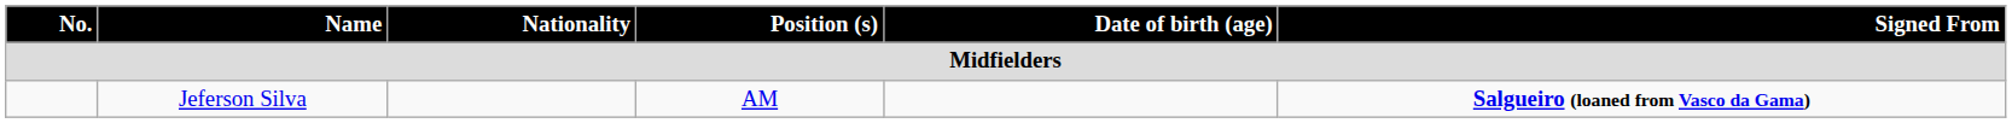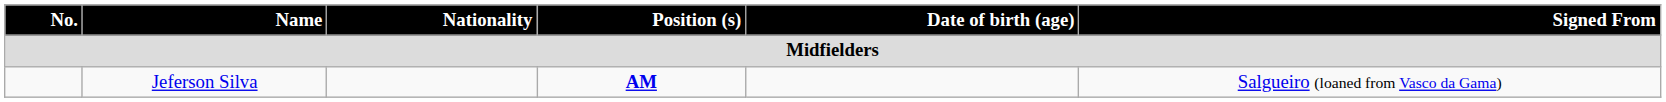 <table class="wikitable"  style="text-align:center; font-size:85%; width:95%;">
 <tr>
 <th style="background:black; color:white; text-align:right;">No.</th>
 <th style="background:black; color:white; text-align:right;">Name</th>
 <th style="background:black; color:white; text-align:right;">Nationality</th>
 <th style="background:black; color:white; text-align:right;">Position (s)</th>
 <th style="background:black; color:white; text-align:right;">Date of birth (age)</th>
 <th style="background:black; color:white; text-align:right;">Signed From</th>
 </tr>
 <tr>
 <th colspan="6"  style="background:#dcdcdc; text-align:center;">Midfielders</th>
 </tr>
 <tr>
 <td></td>
 <td><a href='#'>Jeferson Silva</a></td>
 <td></td>
-<td><a href='#'>AM</a></td>
+<td><strong><a href='#'>AM</a></strong></td>
 <td></td>
-<td><strong> <a href='#'>Salgueiro</a> <small>(loaned from <a href='#'>Vasco da Gama</a>)</small></strong></td>
+<td> <a href='#'>Salgueiro</a> <small>(loaned from <a href='#'>Vasco da Gama</a>)</small></td>
 </tr>
 </table>
